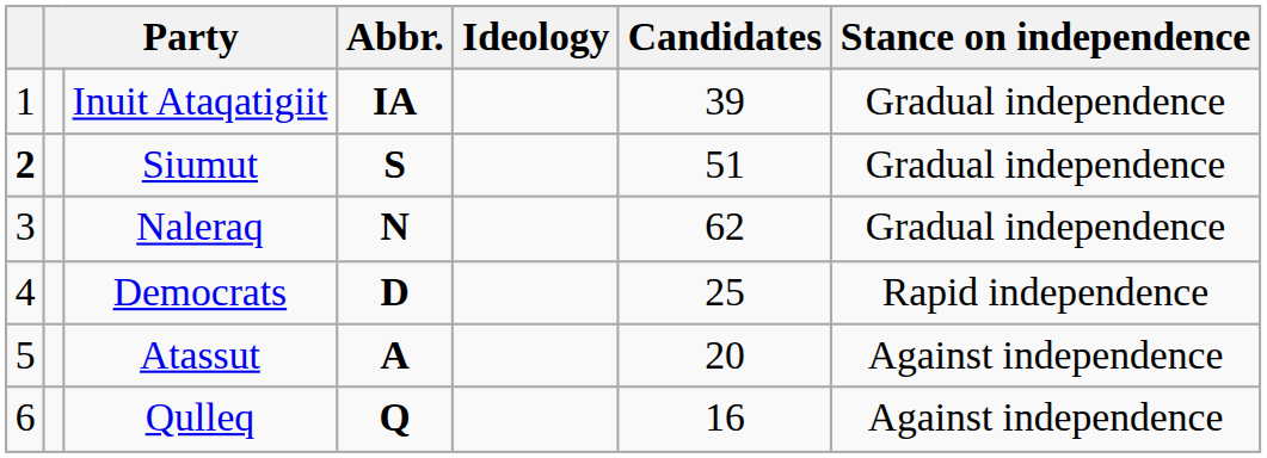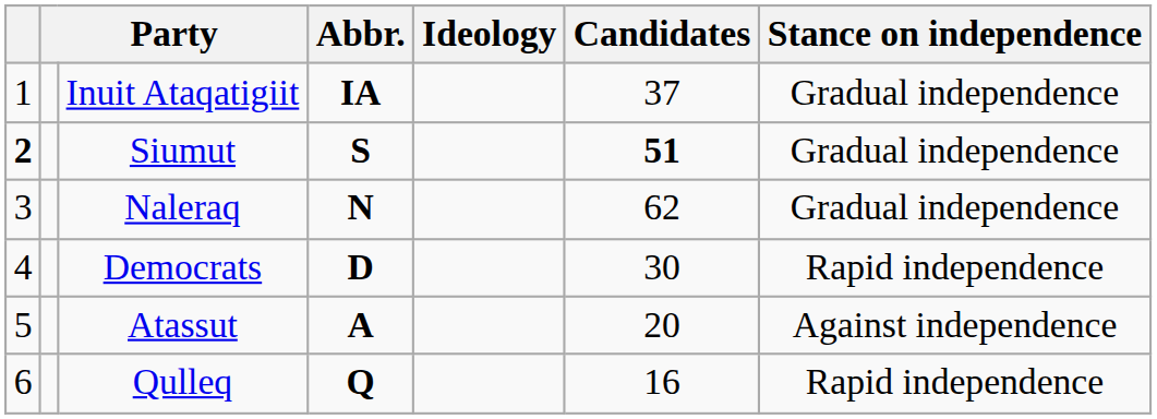 <table class=wikitable style="text-align: center;">
 <tr>
 <th></th>
 <th colspan="2">Party</th>
 <th>Abbr.</th>
 <th>Ideology</th>
 <th>Candidates</th>
 <th>Stance on independence</th>
 </tr>
 <tr>
 <td style="text-align:center">1</td>
 <td></td>
 <td><a href='#'>Inuit Ataqatigiit</a></td>
 <td style="text-align:center"><strong>IA</strong></td>
 <td></td>
-<td>39</td>
+<td>37</td>
 <td>Gradual independence</td>
 </tr>
 <tr>
 <td><strong>2</strong></td>
 <td></td>
 <td><a href='#'>Siumut</a></td>
 <td><strong>S</strong></td>
 <td></td>
-<td>51</td>
+<td><strong>51</strong></td>
 <td>Gradual independence</td>
 </tr>
 <tr>
 <td>3</td>
 <td></td>
 <td><a href='#'>Naleraq</a></td>
 <td><strong>N</strong></td>
 <td></td>
 <td>62</td>
 <td>Gradual independence</td>
 </tr>
 <tr>
 <td>4</td>
 <td></td>
 <td><a href='#'>Democrats</a></td>
 <td><strong>D</strong></td>
 <td></td>
-<td>25</td>
+<td>30</td>
 <td>Rapid independence</td>
 </tr>
 <tr>
 <td>5</td>
 <td></td>
 <td><a href='#'>Atassut</a></td>
 <td><strong>A</strong></td>
 <td></td>
 <td>20</td>
 <td>Against independence</td>
 </tr>
 <tr>
 <td>6</td>
 <td></td>
 <td><a href='#'>Qulleq</a></td>
 <td><strong>Q</strong></td>
 <td></td>
 <td>16</td>
-<td>Against independence</td>
+<td>Rapid independence</td>
 </tr>
 </table>
